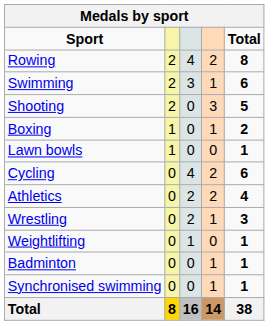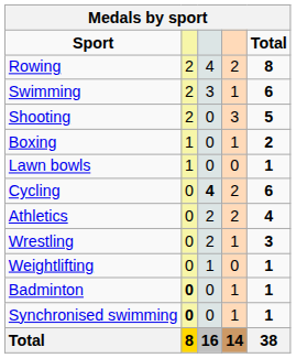 <table class="wikitable" style="text-align:center;font-size:90%">
 <tr style="background:#efefef;">
 <th colspan=7><strong>Medals by sport</strong></th>
 </tr>
 <tr>
 <td><strong>Sport</strong></td>
 <td bgcolor=#f7f6a8></td>
 <td bgcolor=#dce5e5></td>
 <td bgcolor=#ffdab9></td>
 <td><strong>Total</strong></td>
 </tr>
 <tr>
 <td style="text-align:left;"><a href='#'>Rowing</a></td>
 <td style="background:#F7F6A8;">2</td>
 <td style="background:#DCE5E5;">4</td>
 <td style="background:#FFDAB9;">2</td>
 <td><strong>8</strong></td>
 </tr>
 <tr>
 <td style="text-align:left;"><a href='#'>Swimming</a></td>
 <td style="background:#F7F6A8;">2</td>
 <td style="background:#DCE5E5;">3</td>
 <td style="background:#FFDAB9;">1</td>
 <td><strong>6</strong></td>
 </tr>
 <tr>
 <td style="text-align:left;"><a href='#'>Shooting</a></td>
 <td style="background:#F7F6A8;">2</td>
 <td style="background:#DCE5E5;">0</td>
 <td style="background:#FFDAB9;">3</td>
 <td><strong>5</strong></td>
 </tr>
 <tr>
 <td style="text-align:left;"><a href='#'>Boxing</a></td>
 <td style="background:#F7F6A8;">1</td>
 <td style="background:#DCE5E5;">0</td>
 <td style="background:#FFDAB9;">1</td>
 <td><strong>2</strong></td>
 </tr>
 <tr>
 <td style="text-align:left;"><a href='#'>Lawn bowls</a></td>
 <td style="background:#F7F6A8;">1</td>
 <td style="background:#DCE5E5;">0</td>
 <td style="background:#FFDAB9;">0</td>
 <td><strong>1</strong></td>
 </tr>
 <tr>
 <td style="text-align:left;"><a href='#'>Cycling</a></td>
 <td style="background:#F7F6A8;">0</td>
-<td style="background:#DCE5E5;">4</td>
+<td style="background:#DCE5E5;"><strong>4</strong></td>
 <td style="background:#FFDAB9;">2</td>
 <td><strong>6</strong></td>
 </tr>
 <tr>
 <td style="text-align:left;"><a href='#'>Athletics</a></td>
 <td style="background:#F7F6A8;">0</td>
 <td style="background:#DCE5E5;">2</td>
 <td style="background:#FFDAB9;">2</td>
 <td><strong>4</strong></td>
 </tr>
 <tr>
 <td style="text-align:left;"><a href='#'>Wrestling</a></td>
 <td style="background:#F7F6A8;">0</td>
 <td style="background:#DCE5E5;">2</td>
 <td style="background:#FFDAB9;">1</td>
 <td><strong>3</strong></td>
 </tr>
 <tr>
 <td style="text-align:left;"><a href='#'>Weightlifting</a></td>
 <td style="background:#F7F6A8;">0</td>
 <td style="background:#DCE5E5;">1</td>
 <td style="background:#FFDAB9;">0</td>
 <td><strong>1</strong></td>
 </tr>
 <tr>
 <td style="text-align:left;"><a href='#'>Badminton</a></td>
-<td style="background:#F7F6A8;">0</td>
+<td style="background:#F7F6A8;"><strong>0</strong></td>
 <td style="background:#DCE5E5;">0</td>
 <td style="background:#FFDAB9;">1</td>
 <td><strong>1</strong></td>
 </tr>
 <tr>
 <td style="text-align:left;"><a href='#'>Synchronised swimming</a></td>
-<td style="background:#F7F6A8;">0</td>
+<td style="background:#F7F6A8;"><strong>0</strong></td>
 <td style="background:#DCE5E5;">0</td>
 <td style="background:#FFDAB9;">1</td>
 <td><strong>1</strong></td>
 </tr>
 <tr>
 <th style="text-align:left;"><strong>Total</strong></th>
 <th style="background:gold;"><strong>8</strong></th>
 <th style="background:silver;"><strong>16</strong></th>
 <th style="background:#c96;"><strong>14</strong></th>
 <th><strong>38</strong></th>
 </tr>
 </table>
